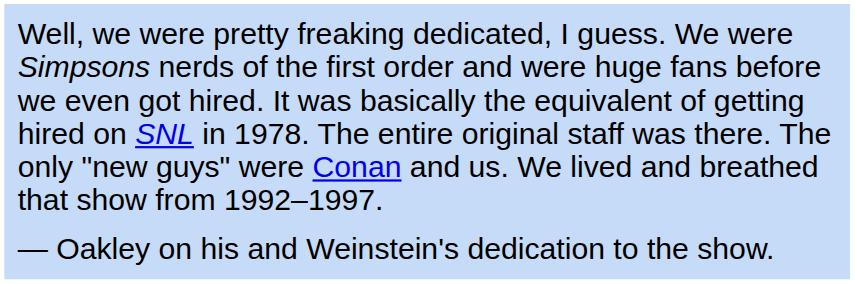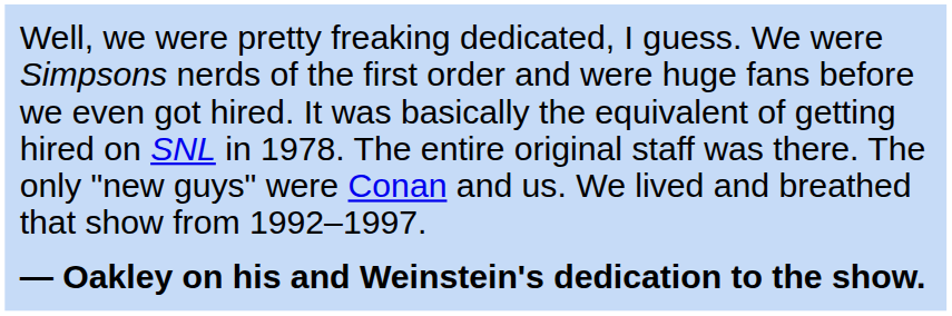 <table class="toccolours" style="float: right; margin-left: 1em; margin-right: 2em; font-size: 85%; background:#c6dbf7; color:black; width:28em; max-width: 40%;" cellspacing="5">
 <tr>
 <td style="text-align: left;">Well, we were pretty freaking dedicated, I guess. We were <em>Simpsons</em> nerds of the first order and were huge fans before we even got hired. It was basically the equivalent of getting hired on <em><a href='#'>SNL</a></em> in 1978. The entire original staff was there. The only "new guys" were <a href='#'>Conan</a> and us. We lived and breathed that show from 1992–1997.</td>
 </tr>
 <tr>
-<td style="text-align: left;">— Oakley on his and Weinstein's dedication to the show.</td>
+<td style="text-align: left;"><strong>— Oakley on his and Weinstein's dedication to the show.</strong></td>
 </tr>
 </table>
